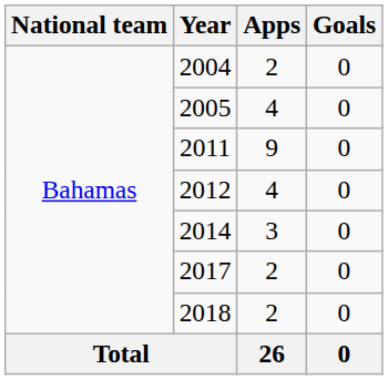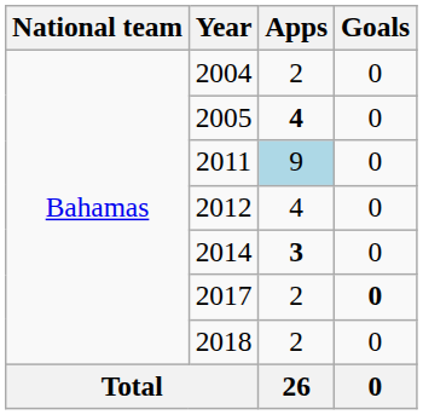 <table class="wikitable" style="text-align:center">
 <tr>
 <th>National team</th>
 <th>Year</th>
 <th>Apps</th>
 <th>Goals</th>
 </tr>
 <tr>
 <td rowspan="7"><a href='#'>Bahamas</a></td>
 <td>2004</td>
 <td>2</td>
 <td>0</td>
 </tr>
 <tr>
 <td>2005</td>
-<td>4</td>
+<td><strong>4</strong></td>
 <td>0</td>
 </tr>
 <tr>
 <td>2011</td>
-<td>9</td>
+<td style="background: lightblue;">9</td>
 <td>0</td>
 </tr>
 <tr>
 <td>2012</td>
 <td>4</td>
 <td>0</td>
 </tr>
 <tr>
 <td>2014</td>
-<td>3</td>
+<td><strong>3</strong></td>
 <td>0</td>
 </tr>
 <tr>
 <td>2017</td>
 <td>2</td>
-<td>0</td>
+<td><strong>0</strong></td>
 </tr>
 <tr>
 <td>2018</td>
 <td>2</td>
 <td>0</td>
 </tr>
 <tr>
 <th colspan=2>Total</th>
 <th>26</th>
 <th>0</th>
 </tr>
 </table>
